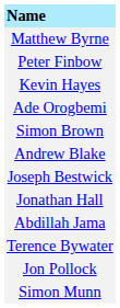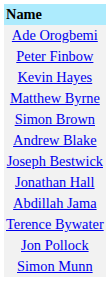 <table border=0 cellpadding=2 cellspacing=0  |- bgcolor=#F2F2F2 style="text-align:center; font-size:90%;">
 <tr bgcolor=#ADEBFD>
 <th align=left>Name</th>
 </tr>
 <tr>
-<td><a href='#'>Matthew Byrne</a></td>
+<td><a href='#'>Ade Orogbemi</a></td>
 </tr>
 <tr>
 <td><a href='#'>Peter Finbow</a></td>
 </tr>
 <tr>
 <td><a href='#'>Kevin Hayes</a></td>
 </tr>
 <tr>
-<td><a href='#'>Ade Orogbemi</a></td>
+<td><a href='#'>Matthew Byrne</a></td>
 </tr>
 <tr>
 <td><a href='#'>Simon Brown</a></td>
 </tr>
 <tr>
 <td><a href='#'>Andrew Blake</a></td>
 </tr>
 <tr>
 <td><a href='#'>Joseph Bestwick</a></td>
 </tr>
 <tr>
 <td><a href='#'>Jonathan Hall</a></td>
 </tr>
 <tr>
 <td><a href='#'>Abdillah Jama</a></td>
 </tr>
 <tr>
 <td><a href='#'>Terence Bywater</a></td>
 </tr>
 <tr>
 <td><a href='#'>Jon Pollock</a></td>
 </tr>
 <tr>
 <td><a href='#'>Simon Munn</a></td>
 </tr>
 </table>
